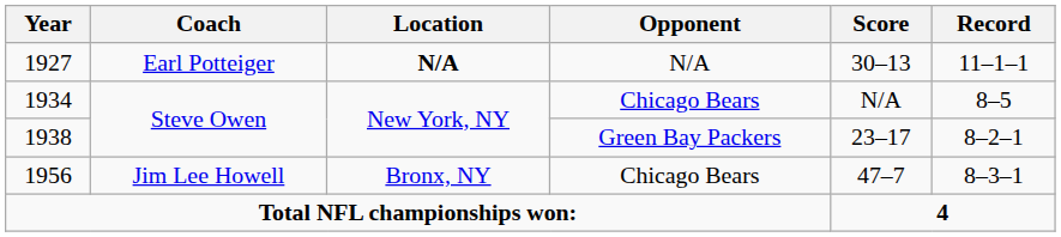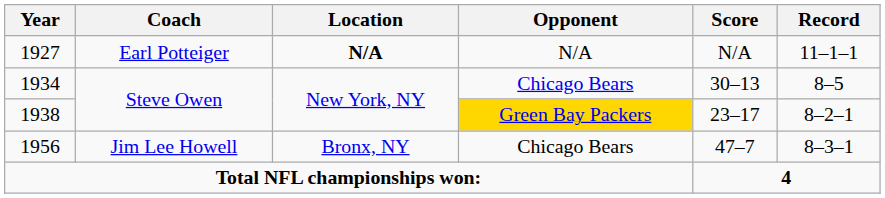 <table class="wikitable" style="width:80%;text-align:center">
 <tr>
 <th>Year</th>
 <th>Coach</th>
 <th>Location</th>
 <th>Opponent</th>
 <th>Score</th>
 <th>Record</th>
 </tr>
 <tr>
 <td>1927</td>
 <td><a href='#'>Earl Potteiger</a></td>
 <td><strong>N/A</strong></td>
 <td>N/A</td>
-<td>30–13</td>
+<td>N/A</td>
 <td>11–1–1</td>
 </tr>
 <tr>
 <td>1934</td>
 <td rowspan="2"><a href='#'>Steve Owen</a></td>
 <td rowspan="2"><a href='#'>New York, NY</a></td>
 <td><a href='#'>Chicago Bears</a></td>
-<td>N/A</td>
+<td>30–13</td>
 <td>8–5</td>
 </tr>
 <tr>
 <td>1938</td>
-<td><a href='#'>Green Bay Packers</a></td>
+<td style="background: gold;"><a href='#'>Green Bay Packers</a></td>
 <td>23–17</td>
 <td>8–2–1</td>
 </tr>
 <tr>
 <td>1956</td>
 <td><a href='#'>Jim Lee Howell</a></td>
 <td><a href='#'>Bronx, NY</a></td>
 <td>Chicago Bears</td>
 <td>47–7</td>
 <td>8–3–1</td>
 </tr>
 <tr>
 <td colspan="4"><strong>Total NFL championships won:</strong></td>
 <td colspan="2"><strong>4</strong></td>
 </tr>
 </table>
